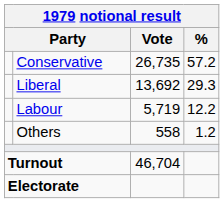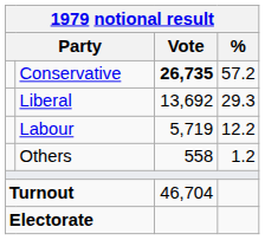 <table class="wikitable">
 <tr>
 <th colspan="4"><a href='#'>1979</a> <a href='#'>notional result</a></th>
 </tr>
 <tr>
 <th bgcolor="#DDDDFF" width="130px" colspan="2">Party</th>
 <th bgcolor="#DDDDFF" width="50px">Vote</th>
 <th bgcolor="#DDDDFF" width="30px">%</th>
 </tr>
 <tr>
 <td></td>
 <td><a href='#'>Conservative</a></td>
-<td align=right>26,735</td>
+<td align=right><strong>26,735</strong></td>
 <td align=right>57.2</td>
 </tr>
 <tr>
 <td></td>
 <td><a href='#'>Liberal</a></td>
 <td align=right>13,692</td>
 <td align=right>29.3</td>
 </tr>
 <tr>
 <td></td>
 <td><a href='#'>Labour</a></td>
 <td align=right>5,719</td>
 <td align=right>12.2</td>
 </tr>
 <tr>
 <td></td>
 <td>Others</td>
 <td align=right>558</td>
 <td align=right>1.2</td>
 </tr>
 <tr>
 <td colspan="4" bgcolor="#EAECF0"></td>
 </tr>
 <tr>
 <td colspan="2"><strong>Turnout</strong></td>
 <td align=right>46,704</td>
 <td align=right></td>
 </tr>
 <tr>
 <td colspan="2"><strong>Electorate</strong></td>
 <td align=right></td>
 </tr>
 </table>
